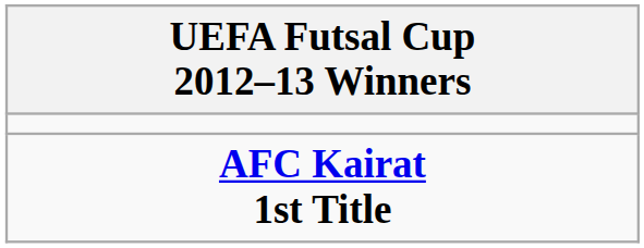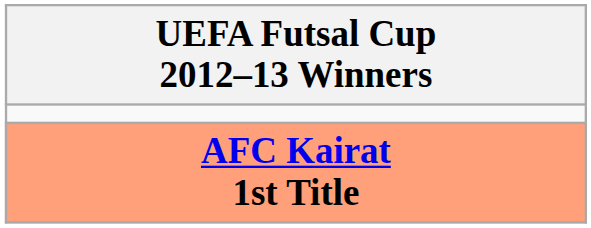 <table class="wikitable" style="text-align: center; margin: 0 auto; width: 20%">
 <tr>
 <th>UEFA Futsal Cup <br>2012–13 Winners</th>
 </tr>
 <tr>
 <td></td>
 </tr>
 <tr>
-<td><strong><a href='#'>AFC Kairat</a></strong><br><strong>1st Title</strong> </td>
+<td style="background: lightsalmon;"><strong><a href='#'>AFC Kairat</a></strong><br><strong>1st Title</strong> </td>
 </tr>
 </table>
